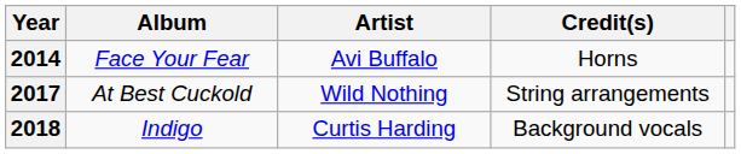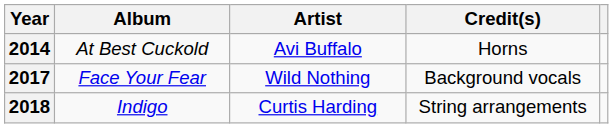 <table class="wikitable plainrowheaders" style="text-align:center;">
 <tr>
 <th scope="col">Year</th>
 <th scope="col" style="width:9em;">Album</th>
 <th scope="col" style="width:9em;">Artist</th>
 <th scope="col" style="width:10em;">Credit(s)</th>
 <th scope="col"></th>
 </tr>
 <tr>
 <th scope="row">2014</th>
-<td><em><a href='#'>Face Your Fear</a></em></td>
+<td><em>At Best Cuckold</em></td>
 <td><a href='#'>Avi Buffalo</a></td>
 <td>Horns</td>
 <td></td>
 </tr>
 <tr>
 <th scope="row">2017</th>
-<td><em>At Best Cuckold</em></td>
+<td><em><a href='#'>Face Your Fear</a></em></td>
 <td><a href='#'>Wild Nothing</a></td>
-<td>String arrangements</td>
+<td>Background vocals</td>
 <td></td>
 </tr>
 <tr>
 <th scope="row">2018</th>
 <td><em><a href='#'>Indigo</a></em></td>
 <td><a href='#'>Curtis Harding</a></td>
-<td>Background vocals</td>
+<td>String arrangements</td>
 <td></td>
 </tr>
 </table>
